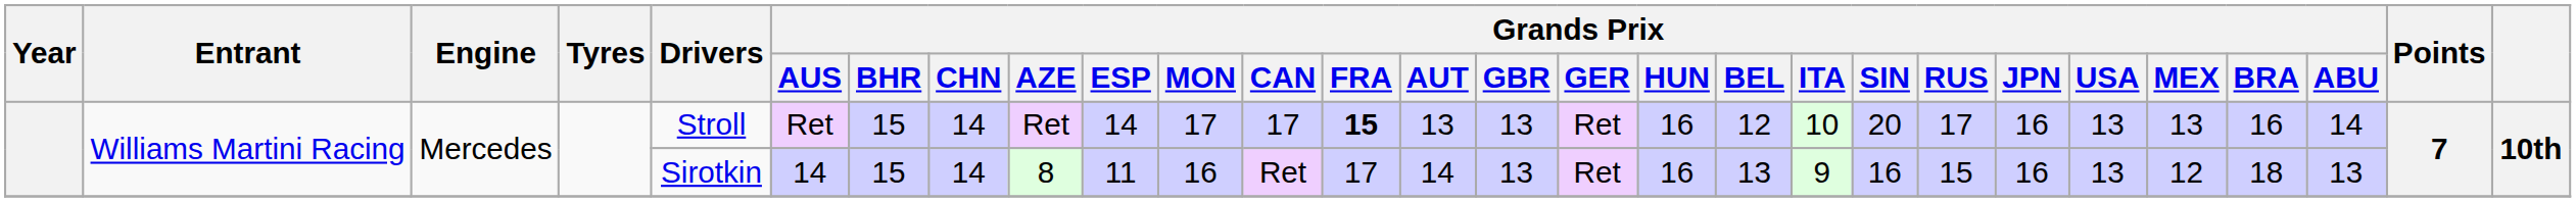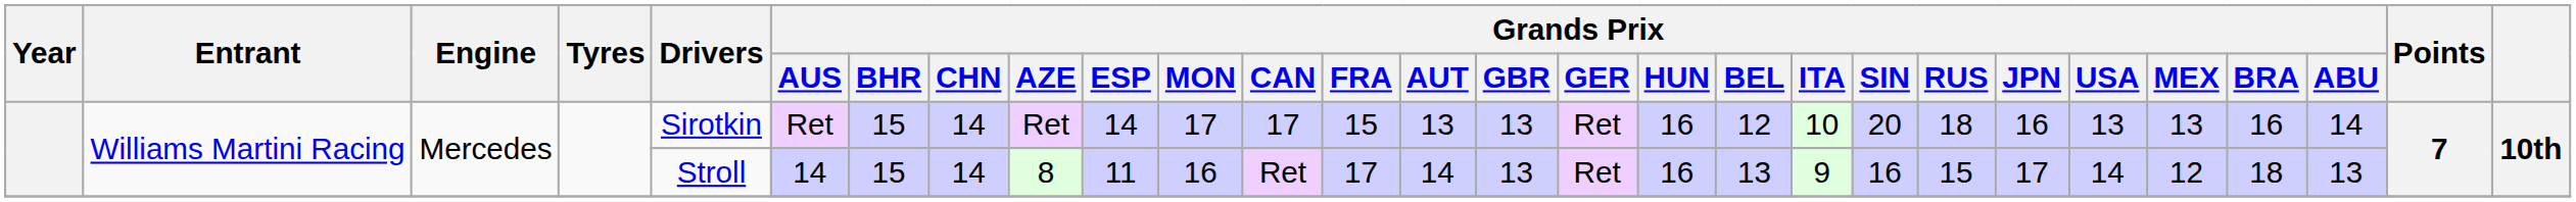 <table class="wikitable" style="text-align:center; font-size:90%">
 <tr>
 <th rowspan="2">Year</th>
 <th rowspan="2">Entrant</th>
 <th rowspan="2">Engine</th>
 <th rowspan="2">Tyres</th>
 <th rowspan="2">Drivers</th>
 <th colspan="21">Grands Prix</th>
 <th rowspan="2">Points</th>
 <th rowspan="2"></th>
 </tr>
 <tr>
 <th><a href='#'>AUS</a></th>
 <th><a href='#'>BHR</a></th>
 <th><a href='#'>CHN</a></th>
 <th><a href='#'>AZE</a></th>
 <th><a href='#'>ESP</a></th>
 <th><a href='#'>MON</a></th>
 <th><a href='#'>CAN</a></th>
 <th><a href='#'>FRA</a></th>
 <th><a href='#'>AUT</a></th>
 <th><a href='#'>GBR</a></th>
 <th><a href='#'>GER</a></th>
 <th><a href='#'>HUN</a></th>
 <th><a href='#'>BEL</a></th>
 <th><a href='#'>ITA</a></th>
 <th><a href='#'>SIN</a></th>
 <th><a href='#'>RUS</a></th>
 <th><a href='#'>JPN</a></th>
 <th><a href='#'>USA</a></th>
 <th><a href='#'>MEX</a></th>
 <th><a href='#'>BRA</a></th>
 <th><a href='#'>ABU</a></th>
 </tr>
 <tr>
 <th rowspan="2"></th>
 <td rowspan="2"><a href='#'>Williams Martini Racing</a></td>
 <td rowspan="2">Mercedes</td>
 <td rowspan="2"></td>
-<td><a href='#'>Stroll</a></td>
+<td><a href='#'>Sirotkin</a></td>
 <td style="background-color:#efcfff">Ret</td>
 <td style="background-color:#cfcfff">15</td>
 <td style="background-color:#cfcfff">14</td>
 <td style="background-color:#efcfff">Ret</td>
 <td style="background-color:#cfcfff">14</td>
 <td style="background-color:#cfcfff">17</td>
 <td style="background-color:#cfcfff">17</td>
-<td style="background-color:#cfcfff"><strong>15</strong></td>
+<td style="background-color:#cfcfff">15</td>
 <td style="background-color:#cfcfff">13</td>
 <td style="background-color:#cfcfff">13</td>
 <td style="background-color:#efcfff">Ret</td>
 <td style="background-color:#cfcfff">16</td>
 <td style="background-color:#cfcfff">12</td>
 <td style="background-color:#dfffdf">10</td>
 <td style="background-color:#cfcfff">20</td>
-<td style="background-color:#cfcfff">17</td>
+<td style="background-color:#cfcfff">18</td>
 <td style="background-color:#cfcfff">16</td>
 <td style="background-color:#cfcfff">13</td>
 <td style="background-color:#cfcfff">13</td>
 <td style="background-color:#cfcfff">16</td>
 <td style="background-color:#cfcfff">14</td>
 <th rowspan="2">7</th>
 <th rowspan="2">10th</th>
 </tr>
 <tr>
-<td><a href='#'>Sirotkin</a></td>
+<td><a href='#'>Stroll</a></td>
 <td style="background-color:#cfcfff">14</td>
 <td style="background-color:#cfcfff">15</td>
 <td style="background-color:#cfcfff">14</td>
 <td style="background-color:#dfffdf">8</td>
 <td style="background-color:#cfcfff">11</td>
 <td style="background-color:#cfcfff">16</td>
 <td style="background-color:#efcfff">Ret</td>
 <td style="background-color:#cfcfff">17</td>
 <td style="background-color:#cfcfff">14</td>
 <td style="background-color:#cfcfff">13</td>
 <td style="background-color:#efcfff">Ret</td>
 <td style="background-color:#cfcfff">16</td>
 <td style="background-color:#cfcfff">13</td>
 <td style="background-color:#dfffdf">9</td>
 <td style="background-color:#cfcfff">16</td>
 <td style="background-color:#cfcfff">15</td>
-<td style="background-color:#cfcfff">16</td>
-<td style="background-color:#cfcfff">13</td>
+<td style="background-color:#cfcfff">17</td>
+<td style="background-color:#cfcfff">14</td>
 <td style="background-color:#cfcfff">12</td>
 <td style="background-color:#cfcfff">18</td>
 <td style="background-color:#cfcfff">13</td>
 </tr>
 <tr>
 </tr>
 </table>
